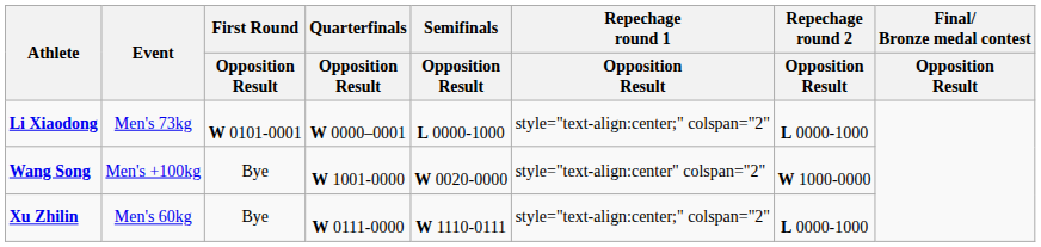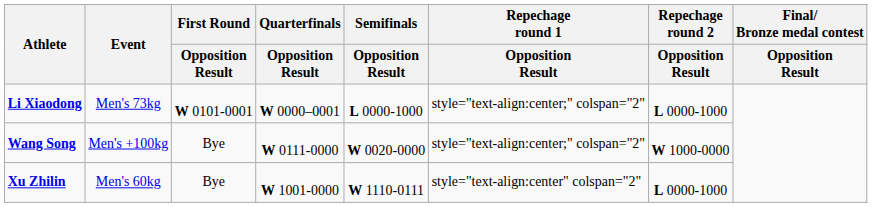 <table class=wikitable style="font-size:90%">
 <tr>
 <th rowspan="2">Athlete</th>
 <th rowspan="2">Event</th>
 <th>First Round</th>
 <th>Quarterfinals</th>
 <th>Semifinals</th>
 <th>Repechage <br>round 1</th>
 <th>Repechage <br>round 2</th>
 <th>Final/<br>Bronze medal contest</th>
 </tr>
 <tr>
 <th>Opposition<br>Result</th>
 <th>Opposition<br>Result</th>
 <th>Opposition<br>Result</th>
 <th>Opposition<br>Result</th>
 <th>Opposition<br>Result</th>
 <th>Opposition<br>Result</th>
 </tr>
 <tr>
 <td><strong><a href='#'>Li Xiaodong</a></strong></td>
 <td style="text-align:center;"><a href='#'>Men's 73kg</a></td>
 <td style="text-align:center;"><br> <strong>W</strong> 0101-0001</td>
 <td style="text-align:center;"><br> <strong>W</strong> 0000–0001</td>
 <td style="text-align:center;"><br> <strong>L</strong> 0000-1000</td>
 <td>style="text-align:center;" colspan="2" </td>
 <td style="text-align:center;"><br> <strong>L</strong> 0000-1000 </td>
 </tr>
 <tr>
 <td><strong><a href='#'>Wang Song</a></strong></td>
 <td style="text-align:center;"><a href='#'>Men's +100kg</a></td>
 <td style="text-align:center;">Bye</td>
-<td style="text-align:center;"><br> <strong>W</strong> 1001-0000</td>
+<td style="text-align:center;"><br> <strong>W</strong> 0111-0000</td>
 <td style="text-align:center;"><br> <strong>W</strong> 0020-0000</td>
-<td>style="text-align:center" colspan="2" </td>
+<td>style="text-align:center;" colspan="2" </td>
 <td style="text-align:center;"><br> <strong>W</strong> 1000-0000 </td>
 </tr>
 <tr>
 <td><strong><a href='#'>Xu Zhilin</a></strong></td>
 <td style="text-align:center;"><a href='#'>Men's 60kg</a></td>
 <td style="text-align:center;">Bye</td>
-<td style="text-align:center;"><br> <strong>W</strong> 0111-0000</td>
+<td style="text-align:center;"><br> <strong>W</strong> 1001-0000</td>
 <td style="text-align:center;"><br> <strong>W</strong> 1110-0111</td>
-<td>style="text-align:center;" colspan="2" </td>
+<td>style="text-align:center" colspan="2" </td>
 <td style="text-align:center;"><br> <strong>L</strong> 0000-1000 </td>
 </tr>
 </table>
